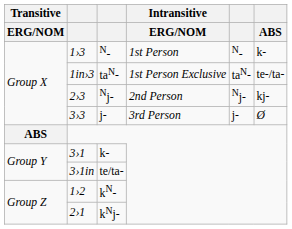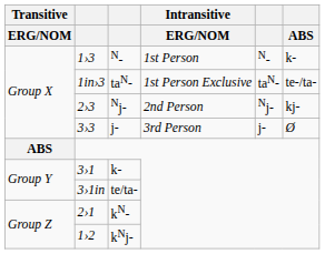 <table class=wikitable>
 <tr>
 <th>Transitive</th>
 <th></th>
 <th></th>
 <th>Intransitive</th>
 <th></th>
 <th></th>
 </tr>
 <tr>
 <th>ERG/NOM</th>
 <th></th>
 <th></th>
 <th>ERG/NOM</th>
 <th></th>
 <th>ABS</th>
 </tr>
 <tr>
 <td rowspan="4"><em>Group X</em></td>
 <td><em>1›3</em></td>
 <td><sup>N</sup>-</td>
 <td><em>1st Person</em></td>
 <td><sup>N</sup>-</td>
 <td>k-</td>
 </tr>
 <tr>
 <td><em>1in›3</em></td>
 <td>ta<sup>N</sup>-</td>
 <td><em>1st Person Exclusive</em></td>
 <td>ta<sup>N</sup>-</td>
 <td>te-/ta-</td>
 </tr>
 <tr>
 <td><em>2›3</em></td>
 <td><sup>N</sup>j-</td>
 <td><em>2nd Person</em></td>
 <td><sup>N</sup>j-</td>
 <td>kj-</td>
 </tr>
 <tr>
 <td><em>3›3</em></td>
 <td>j-</td>
 <td><em>3rd Person</em></td>
 <td>j-</td>
 <td><em>Ø</em></td>
 </tr>
 <tr>
 <th>ABS</th>
 </tr>
 <tr>
 <td rowspan="2"><em>Group Y</em></td>
 <td><em>3›1</em></td>
 <td>k-</td>
 </tr>
 <tr>
 <td><em>3›1in</em></td>
 <td>te/ta-</td>
 </tr>
 <tr>
 <td rowspan="2"><em>Group Z</em></td>
-<td><em>1›2</em></td>
+<td><em>2›1</em></td>
 <td>k<sup>N</sup>-</td>
 </tr>
 <tr>
-<td><em>2›1</em></td>
+<td><em>1›2</em></td>
 <td>k<sup>N</sup>j-</td>
 </tr>
 </table>
